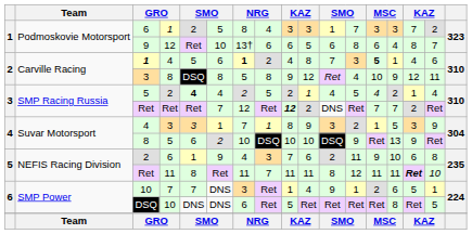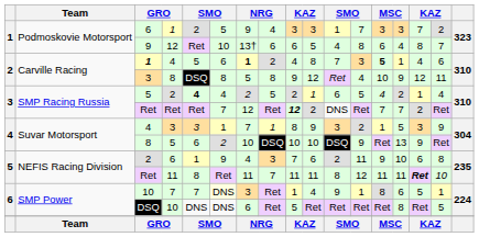 <table align=left| class="wikitable" style="font-size: 85%; text-align: center">
 <tr valign="top">
 <th valign="middle"></th>
 <th valign="middle">Team</th>
 <th colspan=2><a href='#'>GRO</a></th>
 <th colspan=2><a href='#'>SMO</a></th>
 <th colspan=2><a href='#'>NRG</a></th>
 <th colspan=2><a href='#'>KAZ</a></th>
 <th colspan=2><a href='#'>SMO</a></th>
 <th colspan=2><a href='#'>MSC</a></th>
 <th colspan=2><a href='#'>KAZ</a></th>
 <th valign="middle"></th>
 </tr>
 <tr>
 <th rowspan="2">1</th>
 <td rowspan="2" align=left>Podmoskovie Motorsport</td>
 <td style="background:#dfffdf;">6</td>
 <td style="background:#ffffbf;"><em>1</em></td>
 <td style="background:#dfdfdf;">2</td>
 <td style="background:#dfffdf;">5</td>
-<td style="background:#dfffdf;">8</td>
+<td style="background:#dfffdf;">9</td>
 <td style="background:#dfffdf;">4</td>
 <td style="background:#ffdf9f;">3</td>
 <td style="background:#ffdf9f;">3</td>
 <td style="background:#ffffbf;">1</td>
 <td style="background:#dfffdf;">7</td>
 <td style="background:#ffdf9f;">3</td>
 <td style="background:#ffdf9f;">3</td>
 <td style="background:#dfffdf;">7</td>
 <td style="background:#dfdfdf;">2</td>
 <th rowspan="2">323</th>
 </tr>
 <tr>
 <td style="background:#dfffdf;">9</td>
 <td style="background:#dfffdf;">12</td>
 <td style="background:#efcfff;">Ret</td>
 <td style="background:#dfffdf;">10</td>
 <td style="background:#dfffdf;">13†</td>
 <td style="background:#dfffdf;">6</td>
 <td style="background:#dfffdf;">6</td>
 <td style="background:#dfffdf;">5</td>
-<td style="background:#dfffdf;">6</td>
+<td style="background:#dfffdf;">4</td>
 <td style="background:#dfffdf;">8</td>
 <td style="background:#dfffdf;">6</td>
 <td style="background:#dfffdf;">4</td>
 <td style="background:#dfffdf;">8</td>
 <td style="background:#dfffdf;">7</td>
 </tr>
 <tr>
 <th rowspan="2">2</th>
 <td rowspan="2" align=left>Carville Racing</td>
 <td style="background:#ffffbf;"><strong><em>1</em></strong></td>
 <td style="background:#dfffdf;">4</td>
 <td style="background:#dfffdf;">5</td>
 <td style="background:#dfffdf;">6</td>
 <td style="background:#ffffbf;"><strong>1</strong></td>
 <td style="background:#dfdfdf;">2</td>
 <td style="background:#dfffdf;">4</td>
 <td style="background:#dfffdf;">8</td>
 <td style="background:#dfffdf;">7</td>
 <td style="background:#ffdf9f;">3</td>
 <td style="background:#dfffdf;"><strong>5</strong></td>
 <td style="background:#ffffbf;">1</td>
 <td style="background:#dfffdf;">4</td>
 <td style="background:#dfffdf;">6</td>
 <th rowspan="2">310</th>
 </tr>
 <tr>
 <td style="background:#ffdf9f;">3</td>
 <td style="background:#dfffdf;">8</td>
 <td style="background:black; color:white;">DSQ</td>
 <td style="background:#dfffdf;">8</td>
 <td style="background:#dfffdf;">5</td>
 <td style="background:#dfffdf;">8</td>
 <td style="background:#dfffdf;">9</td>
 <td style="background:#dfffdf;">12</td>
 <td style="background:#efcfff;"><em>Ret</em></td>
 <td style="background:#dfffdf;">4</td>
 <td style="background:#dfffdf;">10</td>
 <td style="background:#dfffdf;">9</td>
 <td style="background:#dfffdf;">12</td>
 <td style="background:#dfffdf;">11</td>
 </tr>
 <tr>
 <th rowspan="2">3</th>
 <td rowspan="2" align=left><a href='#'>SMP Racing Russia</a></td>
 <td style="background:#dfffdf;">5</td>
 <td style="background:#dfdfdf;">2</td>
 <td style="background:#dfffdf;"><strong>4</strong></td>
 <td style="background:#dfffdf;">4</td>
 <td style="background:#dfdfdf;"><em>2</em></td>
 <td style="background:#dfffdf;">5</td>
 <td style="background:#dfdfdf;">2</td>
 <td style="background:#ffffbf;"><em>1</em></td>
-<td style="background:#dfffdf;">4</td>
+<td style="background:#dfffdf;">6</td>
 <td style="background:#dfffdf;">5</td>
 <td style="background:#dfffdf;"><em>4</em></td>
 <td style="background:#dfdfdf;">2</td>
 <td style="background:#ffffbf;">1</td>
 <td style="background:#dfffdf;">4</td>
 <th rowspan="2">310</th>
 </tr>
 <tr>
 <td style="background:#efcfff;">Ret</td>
 <td style="background:#efcfff;">Ret</td>
 <td style="background:#efcfff;">Ret</td>
 <td style="background:#dfffdf;">7</td>
 <td style="background:#dfffdf;">12</td>
 <td style="background:#efcfff;">Ret</td>
 <td style="background:#dfffdf;"><strong><em>12</em></strong></td>
 <td style="background:#dfdfdf;">2</td>
 <td>DNS</td>
 <td style="background:#efcfff;">Ret</td>
 <td style="background:#dfffdf;">7</td>
 <td style="background:#dfffdf;">7</td>
 <td style="background:#dfdfdf;">2</td>
 <td style="background:#efcfff;">Ret</td>
 </tr>
 <tr>
 <th rowspan="2">4</th>
 <td rowspan="2" align=left>Suvar Motorsport</td>
 <td style="background:#dfffdf;">4</td>
 <td style="background:#ffdf9f;">3</td>
 <td style="background:#ffdf9f;"><em>3</em></td>
 <td style="background:#ffffbf;">1</td>
 <td style="background:#dfffdf;">7</td>
 <td style="background:#ffffbf;"><em>1</em></td>
 <td style="background:#dfffdf;">8</td>
 <td style="background:#dfffdf;">9</td>
 <td style="background:#ffdf9f;">3</td>
 <td style="background:#dfdfdf;">2</td>
 <td style="background:#ffffbf;">1</td>
 <td style="background:#dfffdf;">5</td>
 <td style="background:#ffdf9f;">3</td>
 <td style="background:#dfffdf;">9</td>
 <th rowspan="2">304</th>
 </tr>
 <tr>
 <td style="background:#dfffdf;">8</td>
 <td style="background:#dfffdf;">5</td>
 <td style="background:#dfffdf;">6</td>
 <td style="background:#dfdfdf;"><em>2</em></td>
 <td style="background:#dfffdf;">10</td>
 <td style="background:black; color:white;">DSQ</td>
 <td style="background:#dfffdf;">10</td>
 <td style="background:#dfffdf;">10</td>
 <td style="background:black; color:white;">DSQ</td>
 <td style="background:#dfffdf;">9</td>
 <td style="background:#efcfff;">Ret</td>
 <td style="background:#dfffdf;">13</td>
 <td style="background:#dfffdf;">9</td>
 <td style="background:#efcfff;">Ret</td>
 </tr>
 <tr>
 <th rowspan="2">5</th>
 <td rowspan="2" align=left>NEFIS Racing Division</td>
 <td style="background:#dfdfdf;">2</td>
 <td style="background:#dfffdf;">6</td>
 <td style="background:#ffffbf;">1</td>
 <td style="background:#dfffdf;">9</td>
 <td style="background:#dfffdf;">4</td>
 <td style="background:#ffdf9f;">3</td>
 <td style="background:#dfffdf;">7</td>
 <td style="background:#dfffdf;">6</td>
 <td style="background:#dfdfdf;">2</td>
 <td style="background:#dfffdf;">11</td>
 <td style="background:#dfffdf;">9</td>
 <td style="background:#dfffdf;">10</td>
 <td style="background:#dfffdf;">6</td>
 <td style="background:#dfffdf;">8</td>
 <th rowspan="2">235</th>
 </tr>
 <tr>
 <td style="background:#efcfff;">Ret</td>
 <td style="background:#dfffdf;">11</td>
 <td style="background:#dfffdf;">8</td>
 <td style="background:#efcfff;">Ret</td>
 <td style="background:#dfffdf;">11</td>
 <td style="background:#dfffdf;">7</td>
 <td style="background:#dfffdf;">11</td>
 <td style="background:#dfffdf;">11</td>
 <td style="background:#dfffdf;">8</td>
 <td style="background:#dfffdf;">12</td>
 <td style="background:#dfffdf;">11</td>
 <td style="background:#dfffdf;">11</td>
 <td style="background:#efcfff;"><strong><em>Ret</em></strong></td>
 <td style="background:#dfffdf;"><em>10</em></td>
 </tr>
 <tr>
 <th rowspan="2">6</th>
 <td rowspan="2" align=left><a href='#'>SMP Power</a></td>
 <td style="background:#dfffdf;">10</td>
 <td style="background:#dfffdf;">7</td>
 <td style="background:#dfffdf;">7</td>
-<td>DNS</td>
+<td style="background: lightyellow;">DNS</td>
 <td style="background:#ffdf9f;">3</td>
 <td style="background:#efcfff;">Ret</td>
 <td style="background:#ffffbf;">1</td>
 <td style="background:#dfffdf;">4</td>
 <td style="background:#dfffdf;">9</td>
 <td style="background:#ffffbf;">1</td>
-<td style="background:#dfdfdf;">2</td>
+<td style="background:#dfdfdf;">8</td>
 <td style="background:#dfffdf;">6</td>
 <td style="background:#dfffdf;">5</td>
 <td style="background:#ffffbf;">1</td>
 <th rowspan="2">224</th>
 </tr>
 <tr>
 <td style="background:black; color:white;">DSQ</td>
 <td style="background:#dfffdf;">10</td>
 <td>DNS</td>
 <td>DNS</td>
 <td style="background:#dfffdf;">6</td>
 <td style="background:#efcfff;">Ret</td>
 <td style="background:#dfffdf;">5</td>
 <td style="background:#efcfff;">Ret</td>
 <td style="background:#efcfff;">Ret</td>
 <td style="background:#efcfff;">Ret</td>
 <td style="background:#efcfff;">Ret</td>
 <td style="background:#dfffdf;">8</td>
 <td style="background:#efcfff;">Ret</td>
 <td style="background:#dfffdf;">5</td>
 </tr>
 <tr>
 </tr>
 <tr valign="top">
 <th valign="middle"></th>
 <th valign="middle">Team</th>
 <th colspan=2><a href='#'>GRO</a></th>
 <th colspan=2><a href='#'>SMO</a></th>
 <th colspan=2><a href='#'>NRG</a></th>
 <th colspan=2><a href='#'>KAZ</a></th>
 <th colspan=2><a href='#'>SMO</a></th>
 <th colspan=2><a href='#'>MSC</a></th>
 <th colspan=2><a href='#'>KAZ</a></th>
 <th valign="middle"></th>
 </tr>
 </table>
